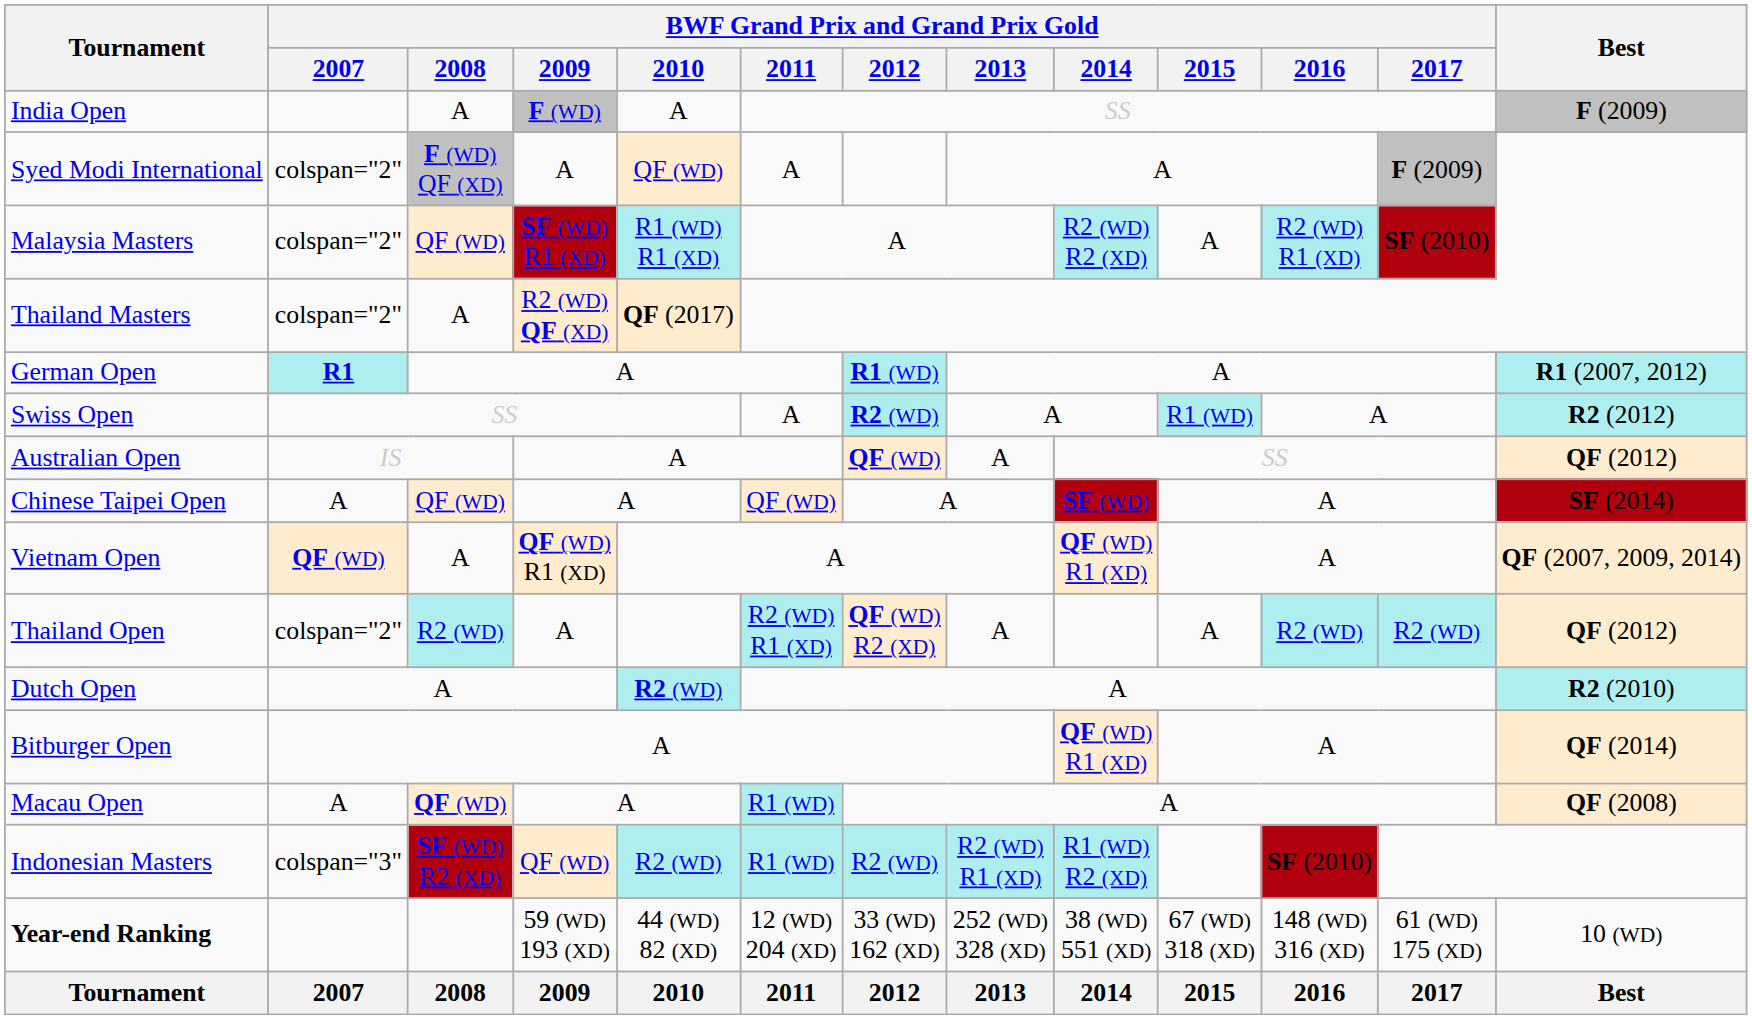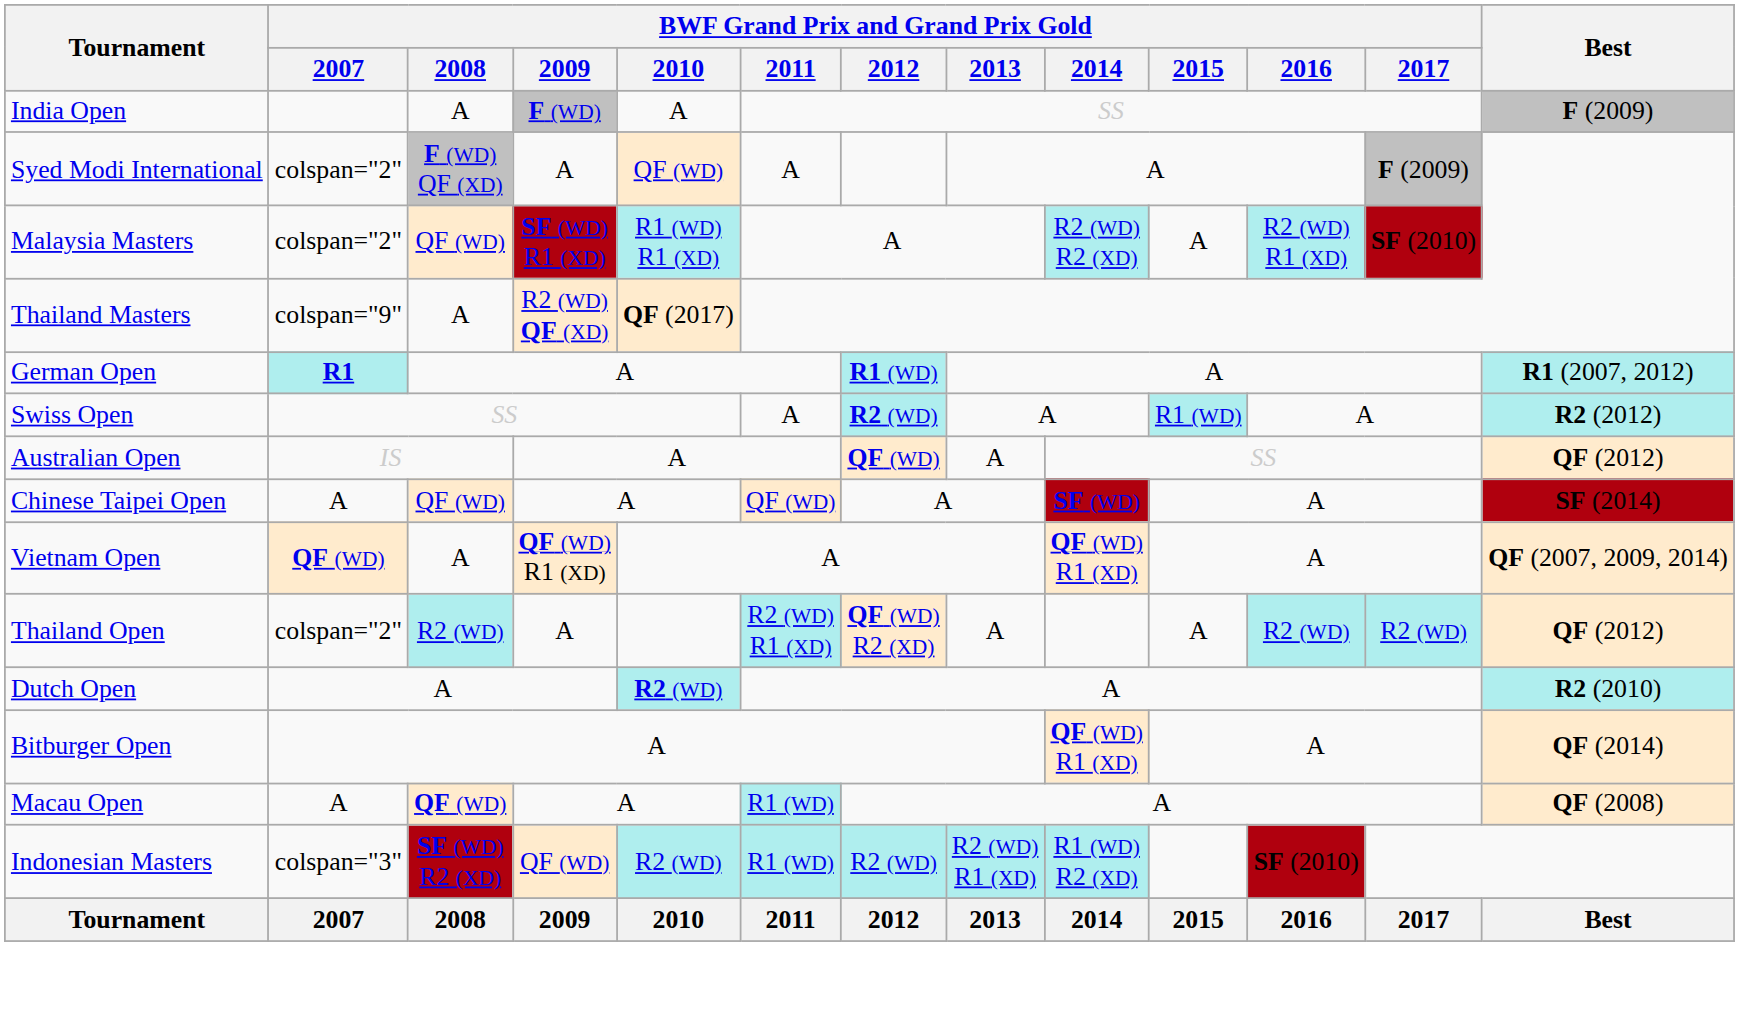 <table class="wikitable" style="font-size: 90%; text-align:center">
 <tr>
 <th rowspan="2">Tournament</th>
 <th colspan="11"><strong><a href='#'>BWF Grand Prix and Grand Prix Gold</a></strong></th>
 <th rowspan="2">Best</th>
 </tr>
 <tr>
 <th><a href='#'>2007</a></th>
 <th><a href='#'>2008</a></th>
 <th><a href='#'>2009</a></th>
 <th><a href='#'>2010</a></th>
 <th><a href='#'>2011</a></th>
 <th><a href='#'>2012</a></th>
 <th><a href='#'>2013</a></th>
 <th><a href='#'>2014</a></th>
 <th><a href='#'>2015</a></th>
 <th><a href='#'>2016</a></th>
 <th><a href='#'>2017</a></th>
 </tr>
 <tr>
 <td align=left><a href='#'>India Open</a></td>
 <td></td>
 <td>A</td>
 <td bgcolor=Silver><a href='#'><strong>F</strong> <small>(WD)</small></a></td>
 <td>A</td>
 <td colspan="7" style=color:#ccc><em>SS</em></td>
 <td bgcolor=Silver><strong>F</strong> (2009)</td>
 </tr>
 <tr>
 <td align=left><a href='#'>Syed Modi International</a></td>
 <td>colspan="2" </td>
 <td bgcolor=Silver><a href='#'><strong>F</strong> <small>(WD)</small></a> <br> <a href='#'>QF <small>(XD)</small></a></td>
 <td>A</td>
 <td bgcolor=FFEBCD><a href='#'>QF <small>(WD)</small></a></td>
 <td>A</td>
 <td></td>
 <td colspan="4">A</td>
 <td bgcolor=Silver><strong>F</strong> (2009)</td>
 </tr>
 <tr>
 <td align=left><a href='#'>Malaysia Masters</a></td>
 <td>colspan="2" </td>
 <td bgcolor=FFEBCD><a href='#'>QF <small>(WD)</small></a></td>
 <td bgcolor=Bronze><a href='#'><strong>SF</strong> <small>(WD)</small></a> <br> <a href='#'>R1 <small>(XD)</small></a></td>
 <td bgcolor=AFEEEE><a href='#'>R1 <small>(WD)</small></a> <br> <a href='#'>R1 <small>(XD)</small></a></td>
 <td colspan="3">A</td>
 <td bgcolor=AFEEEE><a href='#'>R2 <small>(WD)</small></a> <br> <a href='#'>R2 <small>(XD)</small></a></td>
 <td>A</td>
 <td bgcolor=AFEEEE><a href='#'>R2 <small>(WD)</small></a> <br> <a href='#'>R1 <small>(XD)</small></a></td>
 <td bgcolor=Bronze><strong>SF</strong> (2010)</td>
 </tr>
 <tr>
 <td align=left><a href='#'>Thailand Masters</a></td>
-<td>colspan="2" </td>
+<td>colspan="9" </td>
 <td>A</td>
 <td bgcolor=FFEBCD><a href='#'>R2 <small>(WD)</small></a> <br> <a href='#'><strong>QF</strong> <small>(XD)</small></a></td>
 <td bgcolor=FFEBCD><strong>QF</strong> (2017)</td>
 </tr>
 <tr>
 <td align=left><a href='#'>German Open</a></td>
 <td bgcolor=AFEEEE><a href='#'><strong>R1</strong></a></td>
 <td colspan="4">A</td>
 <td bgcolor=AFEEEE><a href='#'><strong>R1</strong> <small>(WD)</small></a></td>
 <td colspan="5">A</td>
 <td bgcolor=AFEEEE><strong>R1</strong> (2007, 2012)</td>
 </tr>
 <tr>
 <td align=left><a href='#'>Swiss Open</a></td>
 <td colspan="4" style=color:#ccc><em>SS</em></td>
 <td>A</td>
 <td bgcolor=AFEEEE><a href='#'><strong>R2</strong> <small>(WD)</small></a></td>
 <td colspan="2">A</td>
 <td bgcolor=AFEEEE><a href='#'>R1 <small>(WD)</small></a></td>
 <td colspan="2">A</td>
 <td bgcolor=AFEEEE><strong>R2</strong> (2012)</td>
 </tr>
 <tr>
 <td align=left><a href='#'>Australian Open</a></td>
 <td colspan="2" style=color:#ccc><em>IS</em></td>
 <td colspan="3">A</td>
 <td bgcolor=FFEBCD><a href='#'><strong>QF</strong> <small>(WD)</small></a></td>
 <td>A</td>
 <td colspan="4" style=color:#ccc><em>SS</em></td>
 <td bgcolor=FFEBCD><strong>QF</strong> (2012)</td>
 </tr>
 <tr>
 <td align=left><a href='#'>Chinese Taipei Open</a></td>
 <td>A</td>
 <td bgcolor=FFEBCD><a href='#'>QF <small>(WD)</small></a></td>
 <td colspan="2">A</td>
 <td bgcolor=FFEBCD><a href='#'>QF <small>(WD)</small></a></td>
 <td colspan="2">A</td>
 <td bgcolor=Bronze><a href='#'><strong>SF</strong> <small>(WD)</small></a></td>
 <td colspan="3">A</td>
 <td bgcolor=Bronze><strong>SF</strong> (2014)</td>
 </tr>
 <tr>
 <td align=left><a href='#'>Vietnam Open</a></td>
 <td bgcolor=FFEBCD><a href='#'><strong>QF</strong> <small>(WD)</small></a></td>
 <td>A</td>
 <td bgcolor=FFEBCD><a href='#'><strong>QF</strong> <small>(WD)</small></a> <br> R1 <small>(XD)</small></td>
 <td colspan="4">A</td>
 <td bgcolor=FFEBCD><a href='#'><strong>QF</strong> <small>(WD)</small></a> <br> <a href='#'>R1 <small>(XD)</small></a></td>
 <td colspan="3">A</td>
 <td bgcolor=FFEBCD><strong>QF</strong> (2007, 2009, 2014)</td>
 </tr>
 <tr>
 <td align=left><a href='#'>Thailand Open</a></td>
 <td>colspan="2" </td>
 <td bgcolor=AFEEEE><a href='#'>R2 <small>(WD)</small></a></td>
 <td>A</td>
 <td></td>
 <td bgcolor=AFEEEE><a href='#'>R2 <small>(WD)</small></a> <br> <a href='#'>R1 <small>(XD)</small></a></td>
 <td bgcolor=FFEBCD><a href='#'><strong>QF</strong> <small>(WD)</small></a> <br> <a href='#'>R2 <small>(XD)</small></a></td>
 <td>A</td>
 <td></td>
 <td>A</td>
 <td bgcolor=AFEEEE><a href='#'>R2 <small>(WD)</small></a></td>
 <td bgcolor=AFEEEE><a href='#'>R2 <small>(WD)</small></a></td>
 <td bgcolor=FFEBCD><strong>QF</strong> (2012)</td>
 </tr>
 <tr>
 <td align=left><a href='#'>Dutch Open</a></td>
 <td colspan="3">A</td>
 <td bgcolor=AFEEEE><a href='#'><strong>R2</strong> <small>(WD)</small></a></td>
 <td colspan="7">A</td>
 <td bgcolor=AFEEEE><strong>R2</strong> (2010)</td>
 </tr>
 <tr>
 <td align=left><a href='#'>Bitburger Open</a></td>
 <td colspan="7">A</td>
 <td bgcolor=FFEBCD><a href='#'><strong>QF</strong> <small>(WD)</small></a> <br> <a href='#'>R1 <small>(XD)</small></a></td>
 <td colspan="3">A</td>
 <td bgcolor=FFEBCD><strong>QF</strong> (2014)</td>
 </tr>
 <tr>
 <td align=left><a href='#'>Macau Open</a></td>
 <td>A</td>
 <td bgcolor=FFEBCD><a href='#'><strong>QF</strong> <small>(WD)</small></a></td>
 <td colspan="2">A</td>
 <td bgcolor=AFEEEE><a href='#'>R1 <small>(WD)</small></a></td>
 <td colspan="6">A</td>
 <td bgcolor=FFEBCD><strong>QF</strong> (2008)</td>
 </tr>
 <tr>
 <td align=left><a href='#'>Indonesian Masters</a></td>
 <td>colspan="3" </td>
 <td bgcolor=Bronze><a href='#'><strong>SF</strong> <small>(WD)</small></a> <br> <a href='#'>R2 <small>(XD)</small></a></td>
 <td bgcolor=FFEBCD><a href='#'>QF <small>(WD)</small></a></td>
 <td bgcolor=AFEEEE><a href='#'>R2 <small>(WD)</small></a></td>
 <td bgcolor=AFEEEE><a href='#'>R1 <small>(WD)</small></a></td>
 <td bgcolor=AFEEEE><a href='#'>R2 <small>(WD)</small></a></td>
 <td bgcolor=AFEEEE><a href='#'>R2 <small>(WD)</small></a><br> <a href='#'>R1 <small>(XD)</small></a></td>
 <td bgcolor=AFEEEE><a href='#'>R1 <small>(WD)</small></a><br> <a href='#'>R2 <small>(XD)</small></a></td>
 <td></td>
 <td bgcolor=Bronze><strong>SF</strong> (2010)</td>
 </tr>
 <tr>
-<td align=left><strong>Year-end Ranking</strong></td>
-<td></td>
-<td></td>
-<td align=center>59 <small>(WD)</small> <br> 193 <small>(XD)</small></td>
-<td align=center>44 <small>(WD)</small> <br> 82 <small>(XD)</small></td>
-<td align=center>12 <small>(WD)</small> <br> 204 <small>(XD)</small></td>
-<td align=center>33 <small>(WD)</small> <br> 162 <small>(XD)</small></td>
-<td align=center>252 <small>(WD)</small> <br> 328 <small>(XD)</small></td>
-<td align=center>38 <small>(WD)</small> <br> 551 <small>(XD)</small></td>
-<td align=center>67 <small>(WD)</small> <br> 318 <small>(XD)</small></td>
-<td align=center>148 <small>(WD)</small> <br> 316 <small>(XD)</small></td>
-<td align=center>61 <small>(WD)</small> <br> 175 <small>(XD)</small></td>
-<td align=center>10 <small>(WD) </small></td>
-</tr>
-<tr>
 <th>Tournament</th>
 <th>2007</th>
 <th>2008</th>
 <th>2009</th>
 <th>2010</th>
 <th>2011</th>
 <th>2012</th>
 <th>2013</th>
 <th>2014</th>
 <th>2015</th>
 <th>2016</th>
 <th>2017</th>
 <th>Best</th>
 </tr>
 </table>
